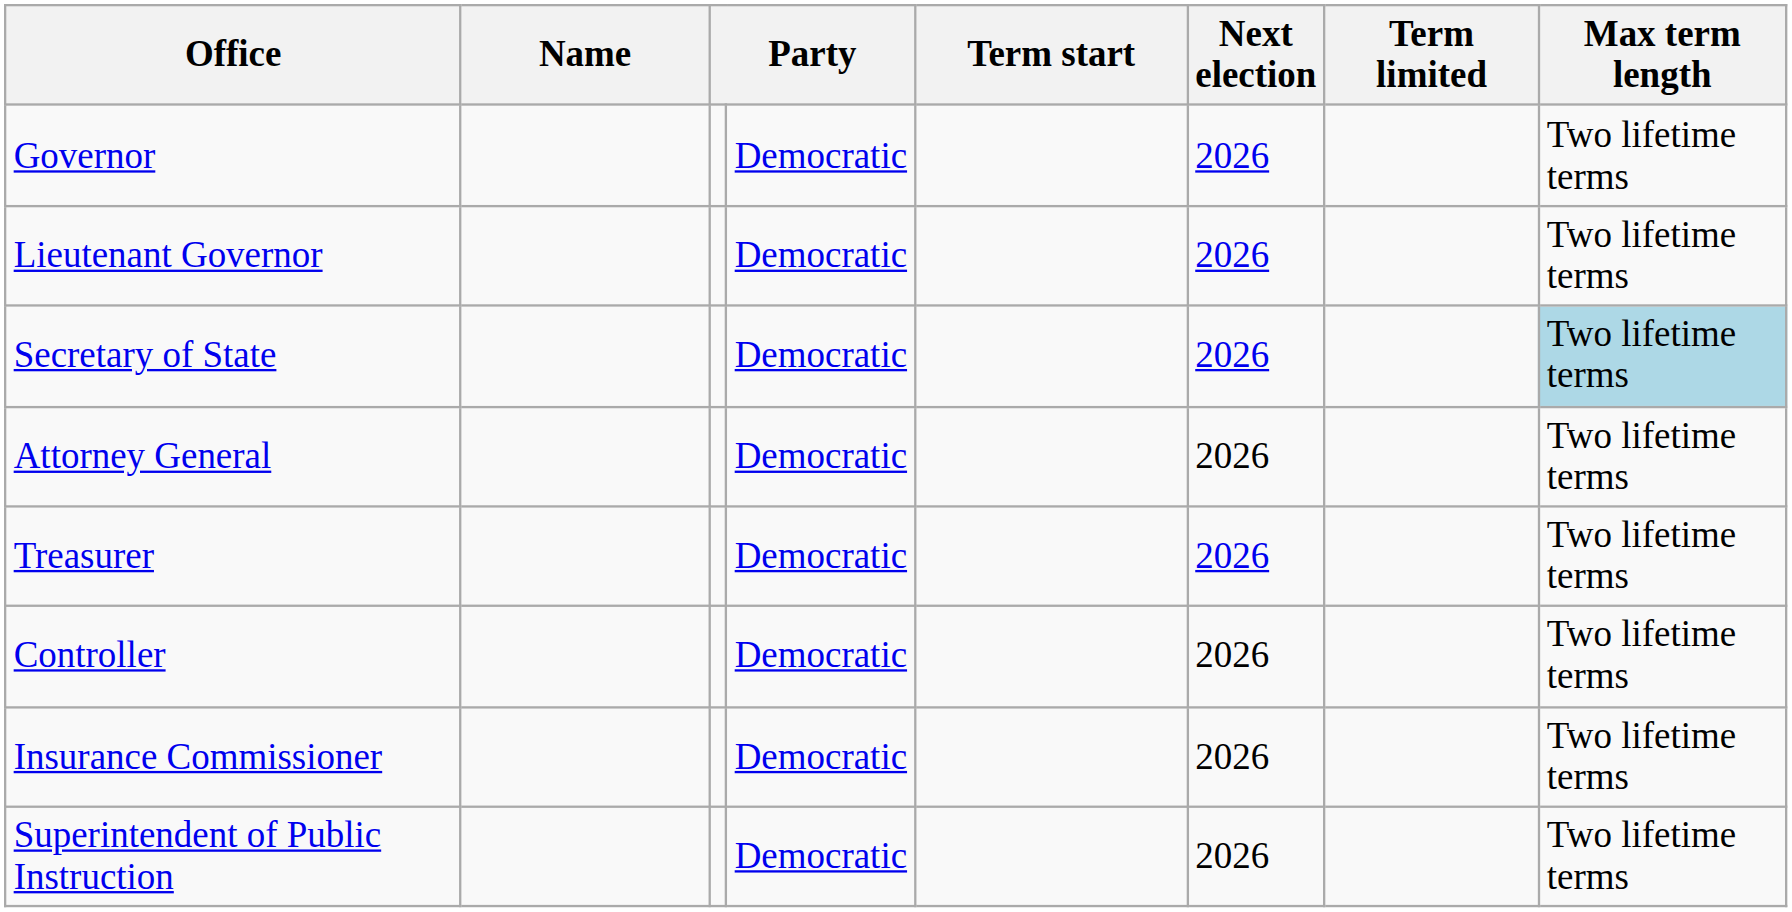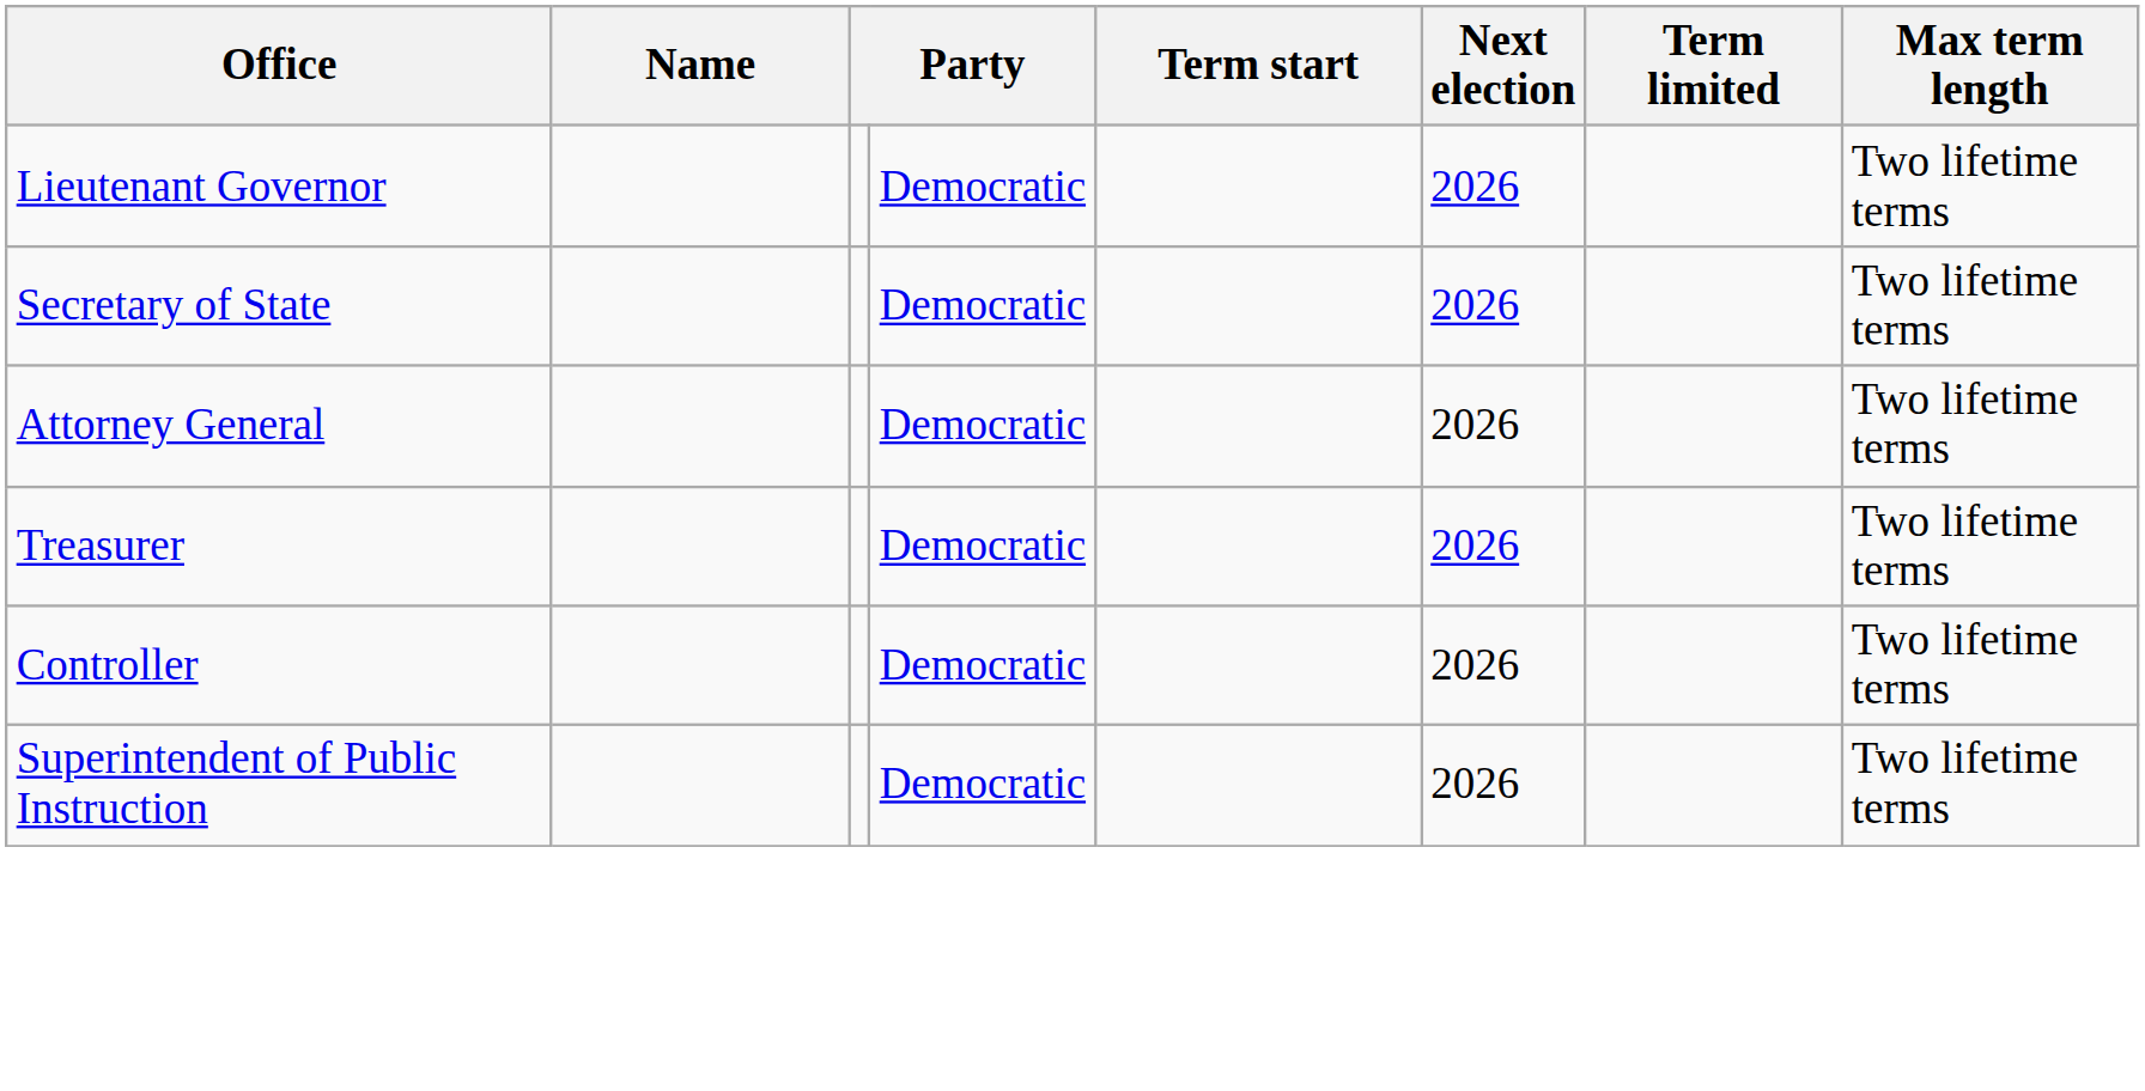 <table class="sortable wikitable">
 <tr>
 <th scope="col" width=190>Office</th>
 <th scope="col" width=100>Name</th>
 <th scope="col" width=75 colspan=2>Party</th>
 <th scope="col" width=110>Term start</th>
 <th scope="col" width=50>Next election</th>
 <th scope="col" width=85>Term limited</th>
 <th scope="col" width=100>Max term length</th>
-</tr>
-<tr>
-<td><a href='#'>Governor</a></td>
-<td></td>
-<td style="background-color:"></td>
-<td><a href='#'>Democratic</a></td>
-<td></td>
-<td><a href='#'>2026</a></td>
-<td></td>
-<td>Two lifetime terms</td>
 </tr>
 <tr>
 <td><a href='#'>Lieutenant Governor</a></td>
 <td></td>
 <td style="background-color:"></td>
 <td><a href='#'>Democratic</a></td>
 <td></td>
 <td><a href='#'>2026</a></td>
 <td></td>
 <td>Two lifetime terms</td>
 </tr>
 <tr>
 <td><a href='#'>Secretary of State</a></td>
 <td></td>
 <td style="background-color:"></td>
 <td><a href='#'>Democratic</a></td>
 <td></td>
 <td><a href='#'>2026</a></td>
 <td></td>
-<td style="background: lightblue;">Two lifetime terms</td>
+<td>Two lifetime terms</td>
 </tr>
 <tr>
 <td><a href='#'>Attorney General</a></td>
 <td></td>
 <td style="background-color:"></td>
 <td><a href='#'>Democratic</a></td>
 <td></td>
 <td>2026</td>
 <td></td>
 <td>Two lifetime terms</td>
 </tr>
 <tr>
 <td><a href='#'>Treasurer</a></td>
 <td></td>
 <td style="background-color:"></td>
 <td><a href='#'>Democratic</a></td>
 <td></td>
 <td><a href='#'>2026</a></td>
 <td></td>
 <td>Two lifetime terms</td>
 </tr>
 <tr>
 <td><a href='#'>Controller</a></td>
 <td></td>
 <td style="background-color:"></td>
 <td><a href='#'>Democratic</a></td>
 <td></td>
 <td>2026</td>
 <td></td>
 <td>Two lifetime terms</td>
 </tr>
 <tr>
-<td><a href='#'>Insurance Commissioner</a></td>
-<td></td>
-<td style="background-color:"></td>
-<td><a href='#'>Democratic</a></td>
-<td></td>
-<td>2026</td>
-<td></td>
-<td>Two lifetime terms</td>
-</tr>
-<tr>
 <td><a href='#'>Superintendent of Public Instruction</a></td>
 <td></td>
 <td style="background-color:"></td>
 <td><a href='#'>Democratic</a></td>
 <td></td>
 <td>2026</td>
 <td></td>
 <td>Two lifetime terms</td>
 </tr>
 </table>
